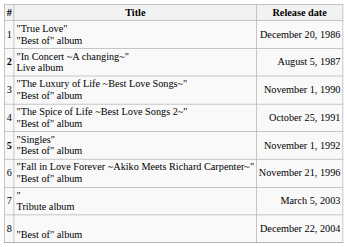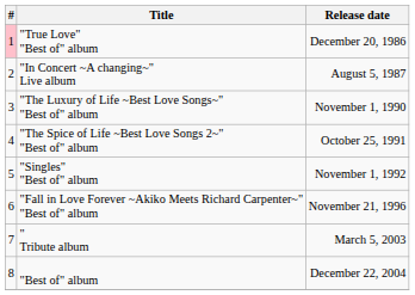 <table class="wikitable">
 <tr>
 <th>#</th>
 <th>Title</th>
 <th>Release date</th>
 </tr>
 <tr>
-<td>1</td>
+<td style="background: pink;">1</td>
 <td align="left">"True Love"<br> "Best of" album</td>
 <td align="right">December 20, 1986</td>
 </tr>
 <tr>
-<td><strong>2</strong></td>
+<td>2</td>
 <td align="left">"In Concert ~A changing~"<br> Live album</td>
 <td align="right">August 5, 1987</td>
 </tr>
 <tr>
 <td>3</td>
 <td align="left">"The Luxury of Life ~Best Love Songs~"<br> "Best of" album</td>
 <td align="right">November 1, 1990</td>
 </tr>
 <tr>
 <td>4</td>
 <td align="left">"The Spice of Life ~Best Love Songs 2~"<br> "Best of" album</td>
 <td align="right">October 25, 1991</td>
 </tr>
 <tr>
-<td><strong>5</strong></td>
+<td>5</td>
 <td align="left">"Singles"<br> "Best of" album</td>
 <td align="right">November 1, 1992</td>
 </tr>
 <tr>
 <td>6</td>
 <td align="left">"Fall in Love Forever ~Akiko Meets Richard Carpenter~"<br> "Best of" album</td>
 <td align="right">November 21, 1996</td>
 </tr>
 <tr>
 <td>7</td>
 <td align="left">"<br> Tribute album</td>
 <td align="right">March 5, 2003</td>
 </tr>
 <tr>
 <td>8</td>
 <td align="left"><br> "Best of" album</td>
 <td align="right">December 22, 2004</td>
 </tr>
 <tr>
 </tr>
 </table>
